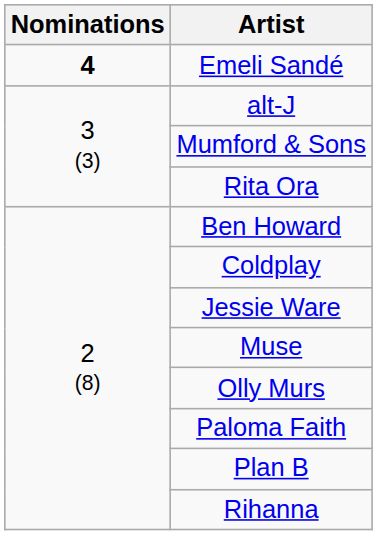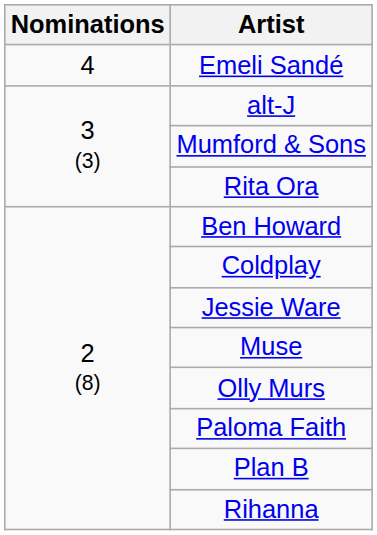 <table class="wikitable" rowspan="2" style="text-align:center;">
 <tr>
 <th scope="col" style="width:55px;">Nominations</th>
 <th scope="col" style="text-align:center;">Artist</th>
 </tr>
 <tr>
-<td><strong>4</strong></td>
+<td>4</td>
 <td><a href='#'>Emeli Sandé</a></td>
 </tr>
 <tr>
 <td rowspan="3">3<br><small>(3)</small></td>
 <td><a href='#'>alt-J</a></td>
 </tr>
 <tr>
 <td><a href='#'>Mumford & Sons</a></td>
 </tr>
 <tr>
 <td><a href='#'>Rita Ora</a></td>
 </tr>
 <tr>
 <td rowspan="8">2<br><small>(8)</small></td>
 <td><a href='#'>Ben Howard</a></td>
 </tr>
 <tr>
 <td><a href='#'>Coldplay</a></td>
 </tr>
 <tr>
 <td><a href='#'>Jessie Ware</a></td>
 </tr>
 <tr>
 <td><a href='#'>Muse</a></td>
 </tr>
 <tr>
 <td><a href='#'>Olly Murs</a></td>
 </tr>
 <tr>
 <td><a href='#'>Paloma Faith</a></td>
 </tr>
 <tr>
 <td><a href='#'>Plan B</a></td>
 </tr>
 <tr>
 <td><a href='#'>Rihanna</a></td>
 </tr>
 </table>
